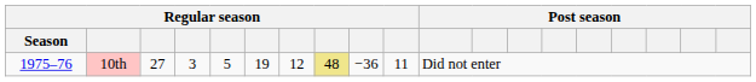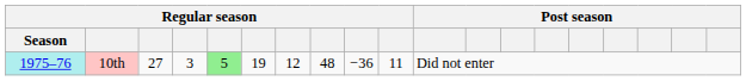 <table class="wikitable">
 <tr>
 <th colspan="10">Regular season</th>
 <th colspan="9">Post season</th>
 </tr>
 <tr>
 <th width="80">Season</th>
 <th width="50"></th>
 <th width="30"></th>
 <th width="30"></th>
 <th width="30"></th>
 <th width="30"></th>
 <th width="30"></th>
 <th width="30"></th>
 <th width="30"></th>
 <th width="30"></th>
 <th width="50"></th>
 <th width="30"></th>
 <th width="30"></th>
 <th width="30"></th>
 <th width="30"></th>
 <th width="30"></th>
 <th width="30"></th>
 <th width="30"></th>
 <th width="30"></th>
 </tr>
 <tr align="center">
-<td><a href='#'>1975–76</a></td>
+<td style="background: paleturquoise;"><a href='#'>1975–76</a></td>
 <td bgcolor="FFC5C5">10th</td>
 <td>27</td>
 <td>3</td>
-<td>5</td>
+<td style="background: lightgreen;">5</td>
 <td>19</td>
 <td>12</td>
-<td style="background: khaki;">48</td>
+<td>48</td>
 <td>−36</td>
 <td>11</td>
 <td colspan="9" align="left">Did not enter</td>
 </tr>
 </table>
